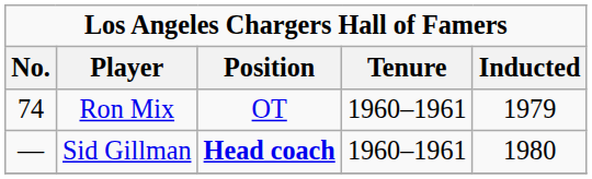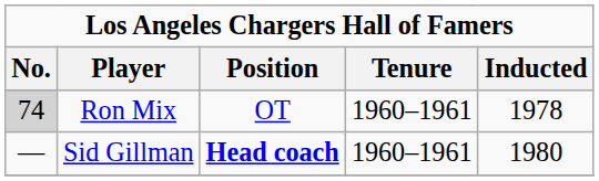 <table class="wikitable" style="text-align:center">
 <tr>
 <td colspan="5"><strong>Los Angeles Chargers Hall of Famers</strong></td>
 </tr>
 <tr>
 <th>No.</th>
 <th>Player</th>
 <th>Position</th>
 <th>Tenure</th>
 <th>Inducted</th>
 </tr>
 <tr>
-<td>74</td>
+<td style="background: lightgrey;">74</td>
 <td><a href='#'>Ron Mix</a></td>
 <td><a href='#'>OT</a></td>
 <td>1960–1961</td>
-<td>1979</td>
+<td>1978</td>
 </tr>
 <tr>
 <td>—</td>
 <td><a href='#'>Sid Gillman</a></td>
 <td><strong><a href='#'>Head coach</a></strong></td>
 <td>1960–1961</td>
 <td>1980</td>
 </tr>
 <tr>
 </tr>
 </table>
